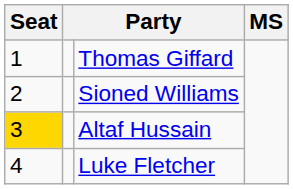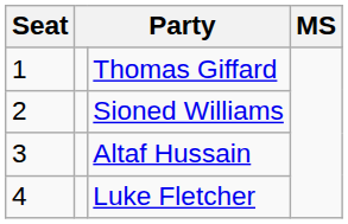 <table class="wikitable">
 <tr>
 <th>Seat</th>
 <th colspan=2>Party</th>
 <th>MS</th>
 </tr>
 <tr>
 <td>1</td>
 <td style="color:inherit;background:"></td>
 <td><a href='#'>Thomas Giffard</a></td>
 </tr>
 <tr>
 <td>2</td>
 <td style="color:inherit;background:"></td>
 <td><a href='#'>Sioned Williams</a></td>
 </tr>
 <tr>
-<td style="background: gold;">3</td>
+<td>3</td>
 <td style="color:inherit;background:"></td>
 <td><a href='#'>Altaf Hussain</a></td>
 </tr>
 <tr>
 <td>4</td>
 <td style="color:inherit;background:"></td>
 <td><a href='#'>Luke Fletcher</a></td>
 </tr>
 </table>
